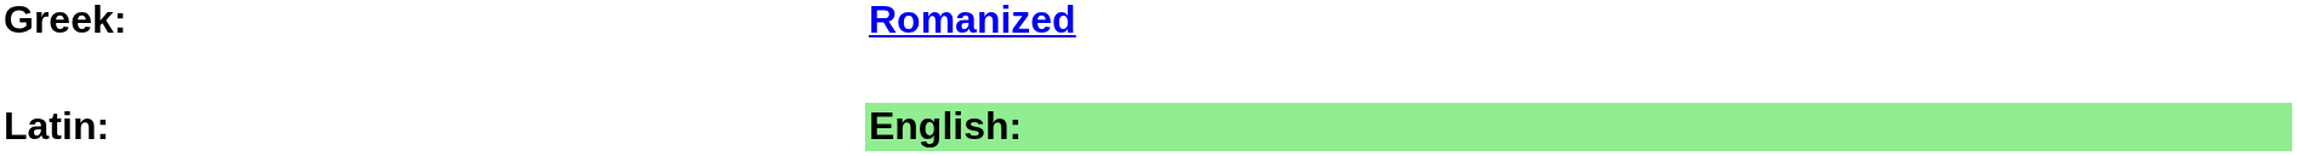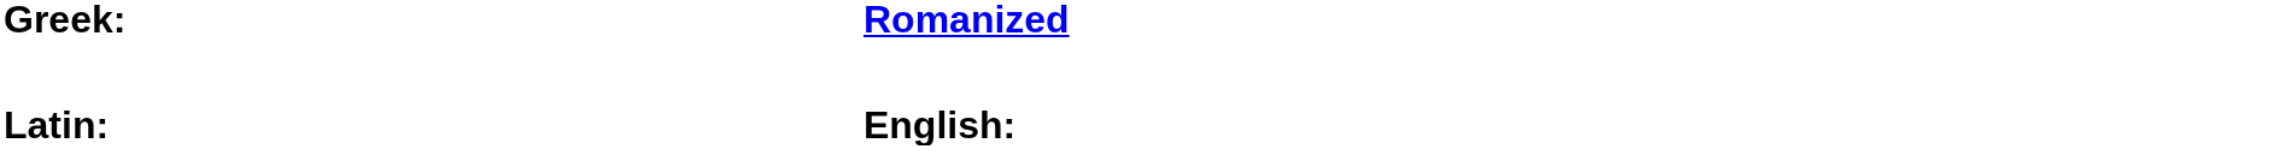 <table style="width:75%">
 <tr>
 <td><strong>Greek:</strong></td>
 <td><strong><a href='#'>Romanized</a></strong></td>
 </tr>
 <tr>
 <td><br></td>
 <td><br></td>
 </tr>
 <tr>
 <td><strong>Latin:</strong></td>
-<td style="background: lightgreen;"><strong>English:</strong></td>
+<td><strong>English:</strong></td>
 </tr>
 <tr>
 <td><br></td>
 <td><br></td>
 </tr>
 </table>
